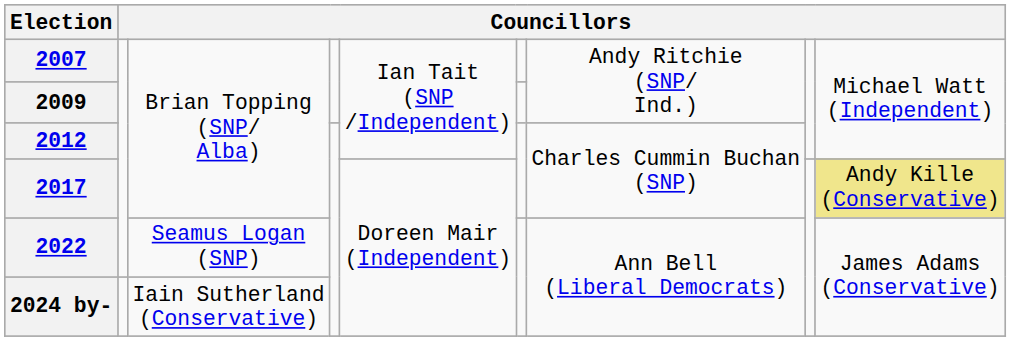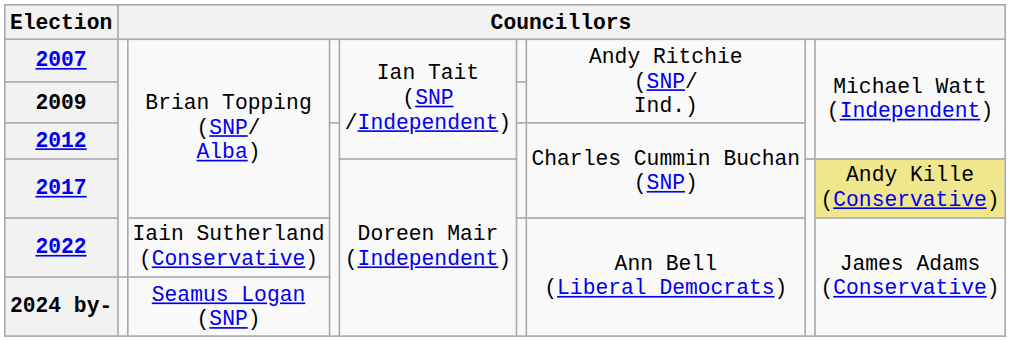 <table class="wikitable" style="text-align:center">
 <tr>
 <th>Election</th>
 <th colspan=8>Councillors</th>
 </tr>
 <tr>
 <th><a href='#'>2007</a></th>
 <td rowspan=5; style="background-color: "></td>
 <td rowspan=4>Brian Topping<br>(<a href='#'>SNP</a>/<br><a href='#'>Alba</a>)</td>
 <td rowspan=2; style="background-color: "></td>
 <td rowspan=3>Ian Tait<br>(<a href='#'>SNP</a><br>/<a href='#'>Independent</a>)</td>
 <td rowspan=1; style="background-color: "></td>
 <td rowspan=2>Andy Ritchie<br>(<a href='#'>SNP</a>/<br>Ind.)</td>
 <td rowspan=3; style="background-color: "></td>
 <td rowspan=3>Michael Watt<br>(<a href='#'>Independent</a>)</td>
 </tr>
 <tr>
 <th>2009</th>
 <td rowspan=1; style="background-color: "></td>
 </tr>
 <tr>
 <th><a href='#'>2012</a></th>
 <td rowspan=4; style="background-color: "></td>
 <td rowspan=2; style="background-color: "></td>
 <td rowspan=2>Charles Cummin Buchan<br>(<a href='#'>SNP</a>)</td>
 </tr>
 <tr>
 <th><a href='#'>2017</a></th>
 <td rowspan=3>Doreen Mair<br>(<a href='#'>Independent</a>)</td>
 <td rowspan=3; style="background-color: "></td>
 <td rowspan=1 style="background: khaki;">Andy Kille<br>(<a href='#'>Conservative</a>)</td>
 </tr>
 <tr>
 <th><a href='#'>2022</a></th>
-<td rowspan=1><a href='#'>Seamus Logan</a><br>(<a href='#'>SNP</a>)</td>
+<td rowspan=1>Iain Sutherland<br>(<a href='#'>Conservative</a>)</td>
 <td rowspan=2; style="background-color: "></td>
 <td rowspan=2>Ann Bell<br>(<a href='#'>Liberal Democrats</a>)</td>
 <td rowspan=2>James Adams<br>(<a href='#'>Conservative</a>)</td>
 </tr>
 <tr>
 <th>2024 by-</th>
 <td rowspan=1; style="background-color: "></td>
-<td rowspan=1>Iain Sutherland<br>(<a href='#'>Conservative</a>)</td>
+<td rowspan=1><a href='#'>Seamus Logan</a><br>(<a href='#'>SNP</a>)</td>
 </tr>
 </table>
